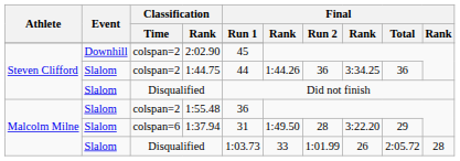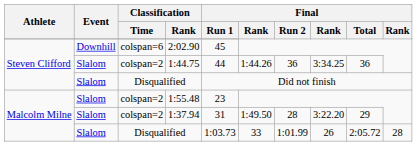 <table class="wikitable" style="font-size:90%">
 <tr>
 <th rowspan="2">Athlete</th>
 <th rowspan="2">Event</th>
 <th colspan="2">Classification</th>
 <th colspan="6">Final</th>
 </tr>
 <tr>
 <th>Time</th>
 <th>Rank</th>
 <th>Run 1</th>
 <th>Rank</th>
 <th>Run 2</th>
 <th>Rank</th>
 <th>Total</th>
 <th>Rank</th>
 </tr>
 <tr>
 </tr>
 <tr align="center">
 <td align="left" rowspan=3><a href='#'>Steven Clifford</a></td>
 <td align="left"><a href='#'>Downhill</a></td>
-<td>colspan=2 </td>
+<td>colspan=6 </td>
 <td>2:02.90</td>
 <td>45</td>
 </tr>
 <tr align="center">
 <td align="left"><a href='#'>Slalom</a></td>
 <td>colspan=2 </td>
 <td>1:44.75</td>
 <td>44</td>
 <td>1:44.26</td>
 <td>36</td>
 <td>3:34.25</td>
 <td>36</td>
 </tr>
 <tr align="center">
 <td align="left"><a href='#'>Slalom</a></td>
 <td colspan=2>Disqualified</td>
 <td colspan=6>Did not finish</td>
 </tr>
 <tr align="center">
 <td align="left" rowspan=3><a href='#'>Malcolm Milne</a></td>
 <td align="left"><a href='#'>Slalom</a></td>
 <td>colspan=2 </td>
 <td>1:55.48</td>
-<td>36</td>
+<td>23</td>
 </tr>
 <tr align="center">
 <td align="left"><a href='#'>Slalom</a></td>
-<td>colspan=6 </td>
+<td>colspan=2 </td>
 <td>1:37.94</td>
 <td>31</td>
 <td>1:49.50</td>
 <td>28</td>
 <td>3:22.20</td>
 <td>29</td>
 </tr>
 <tr align="center">
 <td align="left"><a href='#'>Slalom</a></td>
 <td colspan=2>Disqualified</td>
 <td>1:03.73</td>
 <td>33</td>
 <td>1:01.99</td>
 <td>26</td>
 <td>2:05.72</td>
 <td>28</td>
 </tr>
 </table>
